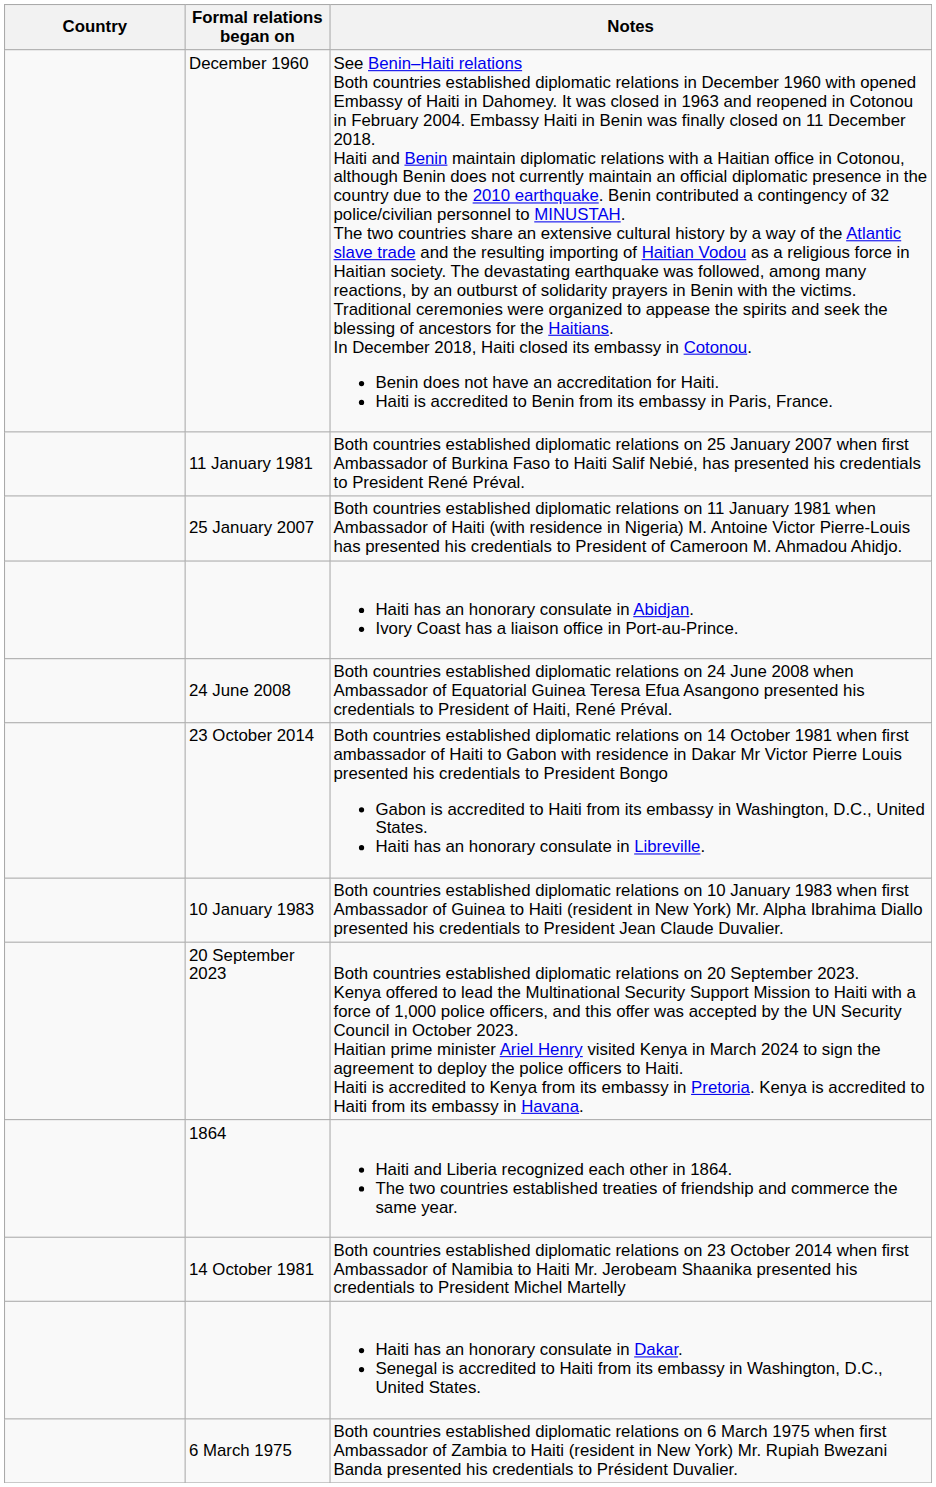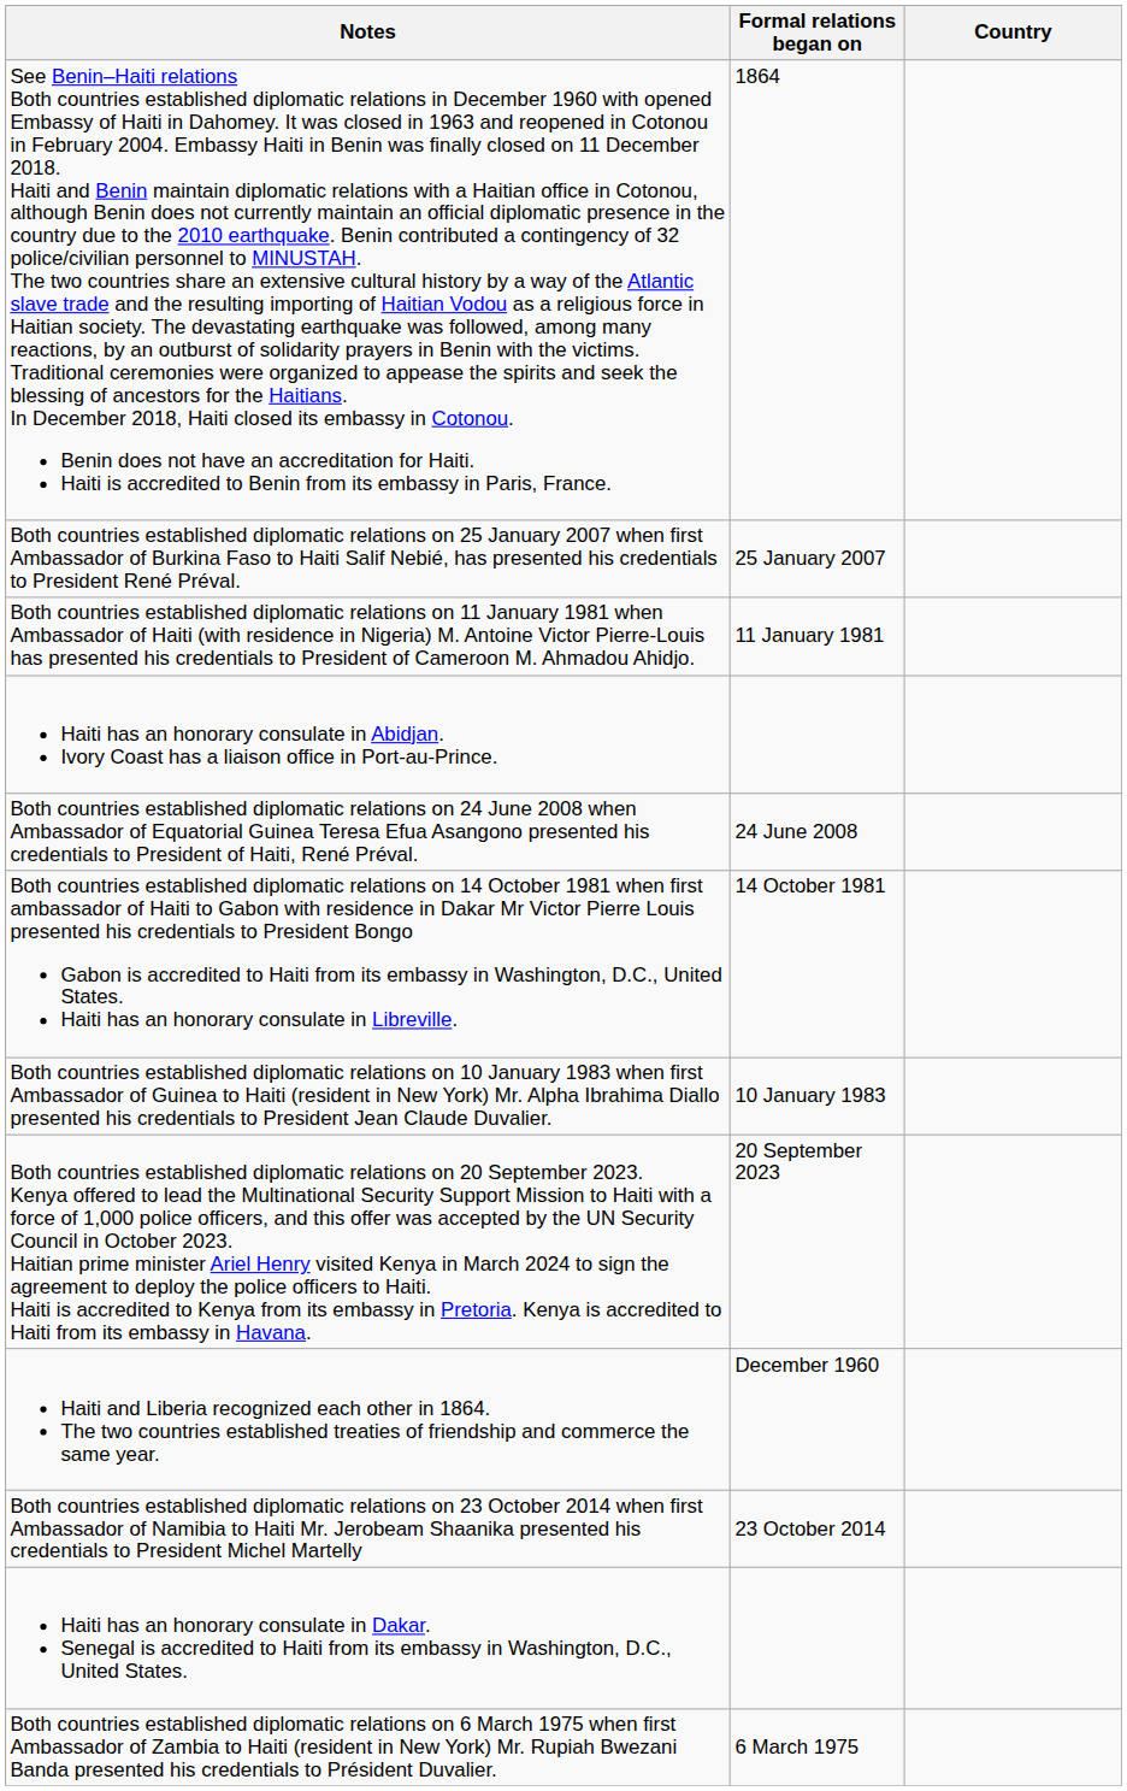 <table class="wikitable sortable" style="width:100%; margin:auto;">
 <tr>
+<th style="width:50%;">Notes</th>
+<th style="width:12%;">Formal relations began on</th>
 <th style="width:15%;">Country</th>
-<th style="width:12%;">Formal relations began on</th>
-<th style="width:50%;">Notes</th>
 </tr>
 <tr valign="top">
+<td>See <a href='#'>Benin–Haiti relations</a><br>Both countries established diplomatic relations in December 1960 with opened Embassy of Haiti in Dahomey. It was closed in 1963 and reopened in Cotonou in February 2004. Embassy Haiti in Benin was finally closed on 11 December 2018.<br>Haiti and <a href='#'>Benin</a> maintain diplomatic relations with a Haitian office in Cotonou, although Benin does not currently maintain an official diplomatic presence in the country due to the <a href='#'>2010 earthquake</a>. Benin contributed a contingency of 32 police/civilian personnel to <a href='#'>MINUSTAH</a>.<br>The two countries share an extensive cultural history by a way of the <a href='#'>Atlantic slave trade</a> and the resulting importing of <a href='#'>Haitian Vodou</a> as a religious force in Haitian society. The devastating earthquake was followed, among many reactions, by an outburst of solidarity prayers in Benin with the victims. Traditional ceremonies were organized to appease the spirits and seek the blessing of ancestors for the <a href='#'>Haitians</a>.<br>In December 2018, Haiti closed its embassy in <a href='#'>Cotonou</a>.<ul><li>Benin does not have an accreditation for Haiti.</li><li>Haiti is accredited to Benin from its embassy in Paris, France.</li></ul></td>
+<td>1864</td>
 <td></td>
-<td>December 1960</td>
-<td>See <a href='#'>Benin–Haiti relations</a><br>Both countries established diplomatic relations in December 1960 with opened Embassy of Haiti in Dahomey. It was closed in 1963 and reopened in Cotonou in February 2004. Embassy Haiti in Benin was finally closed on 11 December 2018.<br>Haiti and <a href='#'>Benin</a> maintain diplomatic relations with a Haitian office in Cotonou, although Benin does not currently maintain an official diplomatic presence in the country due to the <a href='#'>2010 earthquake</a>. Benin contributed a contingency of 32 police/civilian personnel to <a href='#'>MINUSTAH</a>.<br>The two countries share an extensive cultural history by a way of the <a href='#'>Atlantic slave trade</a> and the resulting importing of <a href='#'>Haitian Vodou</a> as a religious force in Haitian society. The devastating earthquake was followed, among many reactions, by an outburst of solidarity prayers in Benin with the victims. Traditional ceremonies were organized to appease the spirits and seek the blessing of ancestors for the <a href='#'>Haitians</a>.<br>In December 2018, Haiti closed its embassy in <a href='#'>Cotonou</a>.<ul><li>Benin does not have an accreditation for Haiti.</li><li>Haiti is accredited to Benin from its embassy in Paris, France.</li></ul></td>
 </tr>
 <tr>
+<td>Both countries established diplomatic relations on 25 January 2007 when first Ambassador of Burkina Faso to Haiti Salif Nebié, has presented his credentials to President René Préval.</td>
+<td>25 January 2007</td>
 <td></td>
-<td>11 January 1981</td>
-<td>Both countries established diplomatic relations on 25 January 2007 when first Ambassador of Burkina Faso to Haiti Salif Nebié, has presented his credentials to President René Préval.</td>
 </tr>
 <tr>
+<td>Both countries established diplomatic relations on 11 January 1981 when Ambassador of Haiti (with residence in Nigeria) M. Antoine Victor Pierre-Louis has presented his credentials to President of Cameroon M. Ahmadou Ahidjo.</td>
+<td>11 January 1981</td>
 <td></td>
-<td>25 January 2007</td>
-<td>Both countries established diplomatic relations on 11 January 1981 when Ambassador of Haiti (with residence in Nigeria) M. Antoine Victor Pierre-Louis has presented his credentials to President of Cameroon M. Ahmadou Ahidjo.</td>
 </tr>
 <tr valign="top">
+<td><br><ul><li>Haiti has an honorary consulate in <a href='#'>Abidjan</a>.</li><li>Ivory Coast has a liaison office in Port-au-Prince.</li></ul></td>
 <td></td>
 <td></td>
-<td><br><ul><li>Haiti has an honorary consulate in <a href='#'>Abidjan</a>.</li><li>Ivory Coast has a liaison office in Port-au-Prince.</li></ul></td>
 </tr>
 <tr>
+<td>Both countries established diplomatic relations on 24 June 2008 when Ambassador of Equatorial Guinea Teresa Efua Asangono presented his credentials to President of Haiti, René Préval.</td>
+<td>24 June 2008</td>
 <td></td>
-<td>24 June 2008</td>
-<td>Both countries established diplomatic relations on 24 June 2008 when Ambassador of Equatorial Guinea Teresa Efua Asangono presented his credentials to President of Haiti, René Préval.</td>
 </tr>
 <tr valign="top">
+<td>Both countries established diplomatic relations on 14 October 1981 when first ambassador of Haiti to Gabon with residence in Dakar Mr Victor Pierre Louis presented his credentials to President Bongo<br><ul><li>Gabon is accredited to Haiti from its embassy in Washington, D.C., United States.</li><li>Haiti has an honorary consulate in <a href='#'>Libreville</a>.</li></ul></td>
+<td>14 October 1981</td>
 <td></td>
-<td>23 October 2014</td>
-<td>Both countries established diplomatic relations on 14 October 1981 when first ambassador of Haiti to Gabon with residence in Dakar Mr Victor Pierre Louis presented his credentials to President Bongo<br><ul><li>Gabon is accredited to Haiti from its embassy in Washington, D.C., United States.</li><li>Haiti has an honorary consulate in <a href='#'>Libreville</a>.</li></ul></td>
 </tr>
 <tr>
+<td>Both countries established diplomatic relations on 10 January 1983 when first Ambassador of Guinea to Haiti (resident in New York) Mr. Alpha Ibrahima Diallo presented his credentials to President Jean Claude Duvalier.</td>
+<td>10 January 1983</td>
 <td></td>
-<td>10 January 1983</td>
-<td>Both countries established diplomatic relations on 10 January 1983 when first Ambassador of Guinea to Haiti (resident in New York) Mr. Alpha Ibrahima Diallo presented his credentials to President Jean Claude Duvalier.</td>
 </tr>
 <tr valign="top">
+<td><br>Both countries established diplomatic relations on 20 September 2023.<br>Kenya offered to lead the Multinational Security Support Mission to Haiti with a force of 1,000 police officers, and this offer was accepted by the UN Security Council in October 2023.<br>Haitian prime minister <a href='#'>Ariel Henry</a> visited Kenya in March 2024 to sign the agreement to deploy the police officers to Haiti.<br>Haiti is accredited to Kenya from its embassy in <a href='#'>Pretoria</a>. Kenya is accredited to Haiti from its embassy in <a href='#'>Havana</a>.</td>
+<td>20 September 2023</td>
 <td></td>
-<td>20 September 2023</td>
-<td><br>Both countries established diplomatic relations on 20 September 2023.<br>Kenya offered to lead the Multinational Security Support Mission to Haiti with a force of 1,000 police officers, and this offer was accepted by the UN Security Council in October 2023.<br>Haitian prime minister <a href='#'>Ariel Henry</a> visited Kenya in March 2024 to sign the agreement to deploy the police officers to Haiti.<br>Haiti is accredited to Kenya from its embassy in <a href='#'>Pretoria</a>. Kenya is accredited to Haiti from its embassy in <a href='#'>Havana</a>.</td>
 </tr>
 <tr valign="top">
+<td><br><ul><li>Haiti and Liberia recognized each other in 1864.</li><li>The two countries established treaties of friendship and commerce the same year.</li></ul></td>
+<td>December 1960</td>
 <td></td>
-<td>1864</td>
-<td><br><ul><li>Haiti and Liberia recognized each other in 1864.</li><li>The two countries established treaties of friendship and commerce the same year.</li></ul></td>
 </tr>
 <tr>
+<td>Both countries established diplomatic relations on 23 October 2014 when first Ambassador of Namibia to Haiti Mr. Jerobeam Shaanika presented his credentials to President Michel Martelly</td>
+<td>23 October 2014</td>
 <td></td>
-<td>14 October 1981</td>
-<td>Both countries established diplomatic relations on 23 October 2014 when first Ambassador of Namibia to Haiti Mr. Jerobeam Shaanika presented his credentials to President Michel Martelly</td>
 </tr>
 <tr valign="top">
+<td><br><ul><li>Haiti has an honorary consulate in <a href='#'>Dakar</a>.</li><li>Senegal is accredited to Haiti from its embassy in Washington, D.C., United States.</li></ul></td>
 <td></td>
 <td></td>
-<td><br><ul><li>Haiti has an honorary consulate in <a href='#'>Dakar</a>.</li><li>Senegal is accredited to Haiti from its embassy in Washington, D.C., United States.</li></ul></td>
 </tr>
 <tr>
+<td>Both countries established diplomatic relations on 6 March 1975 when first Ambassador of Zambia to Haiti (resident in New York) Mr. Rupiah Bwezani Banda presented his credentials to Président Duvalier.</td>
+<td>6 March 1975</td>
 <td></td>
-<td>6 March 1975</td>
-<td>Both countries established diplomatic relations on 6 March 1975 when first Ambassador of Zambia to Haiti (resident in New York) Mr. Rupiah Bwezani Banda presented his credentials to Président Duvalier.</td>
 </tr>
 </table>
